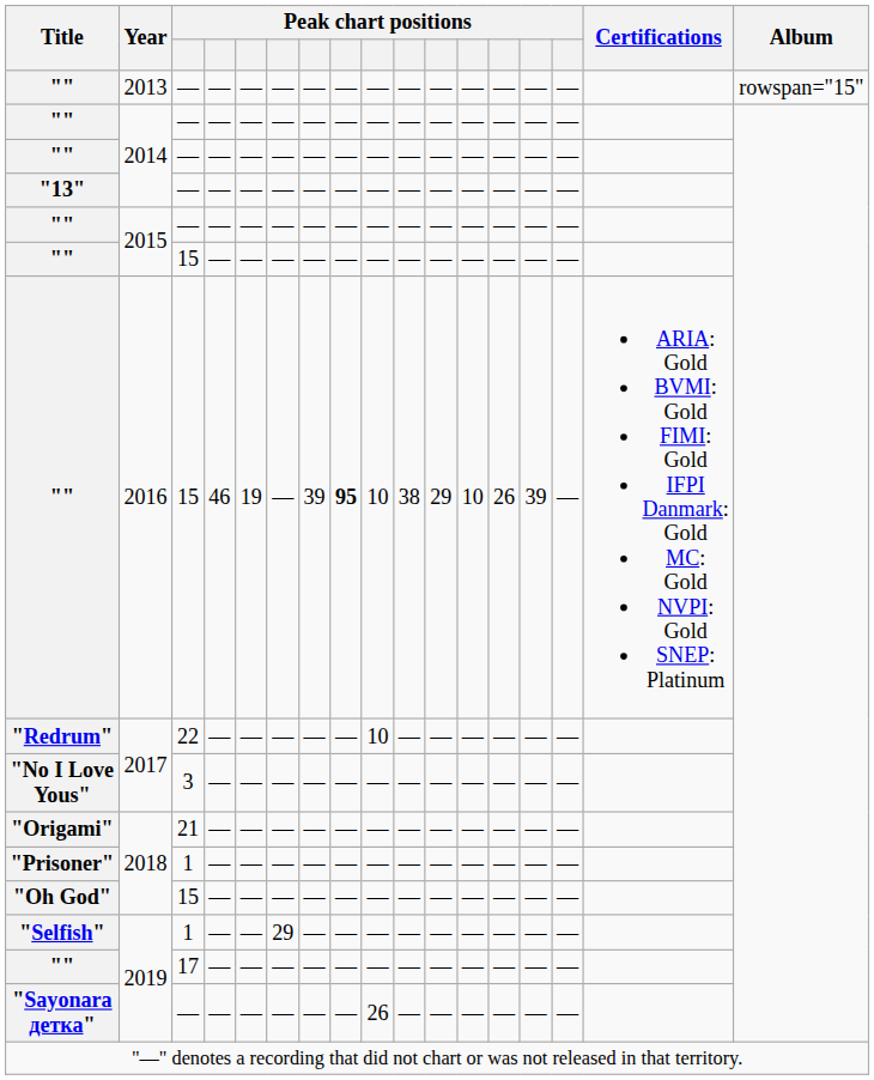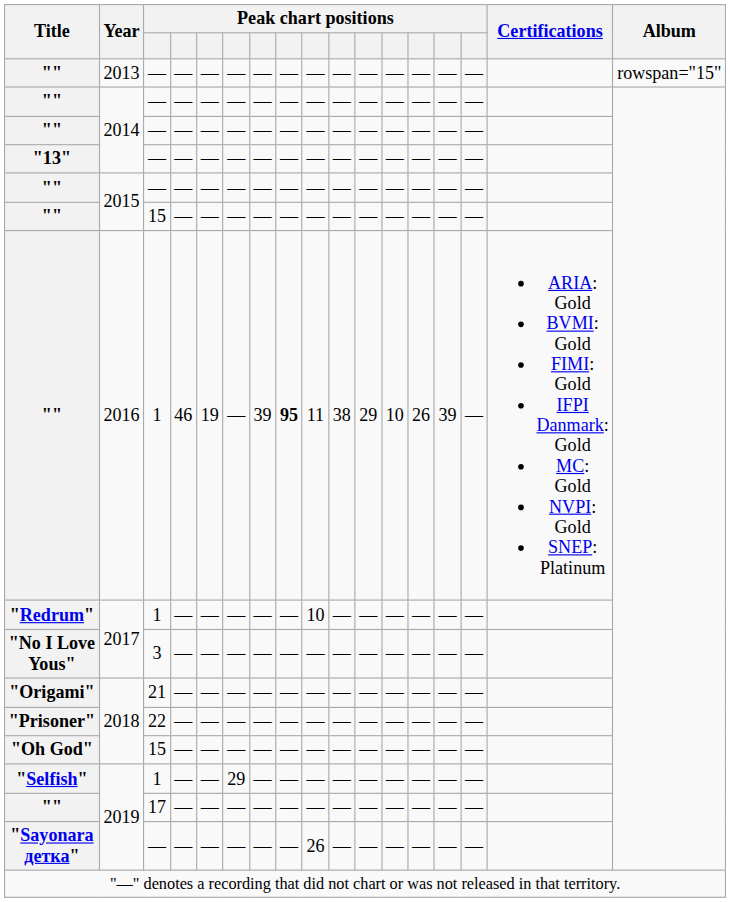 <table class="wikitable plainrowheaders" style="text-align:center;">
 <tr>
 <th scope="col" rowspan="2">Title</th>
 <th scope="col" rowspan="2">Year</th>
 <th scope="col" colspan="13">Peak chart positions</th>
 <th scope="col" rowspan="2"><a href='#'>Certifications</a></th>
 <th scope="col" rowspan="2">Album</th>
 </tr>
 <tr>
 <th style="width:3em; font-size:85%;"><a href='#'></a><br></th>
 <th scope="col" style="width:3em; font-size:85%;"><a href='#'></a><br></th>
 <th style="width:3em; font-size:85%;"><a href='#'></a><br></th>
 <th style="width:3em; font-size:85%;"><a href='#'></a><br></th>
 <th style="width:3em; font-size:85%;"><a href='#'></a><br></th>
 <th style="width:3em; font-size:85%;"><a href='#'></a><br></th>
 <th style="width:3em; font-size:85%;"><a href='#'></a><br></th>
 <th style="width:3em; font-size:85%;"><a href='#'></a><br></th>
 <th style="width:3em; font-size:85%;"><a href='#'></a><br></th>
 <th style="width:3em; font-size:85%;"><a href='#'></a><br></th>
 <th style="width:3em; font-size:85%;"><a href='#'></a><br></th>
 <th style="width:3em; font-size:85%;"><a href='#'></a><br></th>
 <th style="width:3em; font-size:85%;"><a href='#'></a><br></th>
 </tr>
 <tr>
 <th scope="row">""</th>
 <td>2013</td>
 <td>—</td>
 <td>—</td>
 <td>—</td>
 <td>—</td>
 <td>—</td>
 <td>—</td>
 <td>—</td>
 <td>—</td>
 <td>—</td>
 <td>—</td>
 <td>—</td>
 <td>—</td>
 <td>—</td>
 <td></td>
 <td>rowspan="15" </td>
 </tr>
 <tr>
 <th scope="row">""</th>
 <td rowspan="3">2014</td>
 <td>—</td>
 <td>—</td>
 <td>—</td>
 <td>—</td>
 <td>—</td>
 <td>—</td>
 <td>—</td>
 <td>—</td>
 <td>—</td>
 <td>—</td>
 <td>—</td>
 <td>—</td>
 <td>—</td>
 <td></td>
 </tr>
 <tr>
 <th scope="row">""<br></th>
 <td>—</td>
 <td>—</td>
 <td>—</td>
 <td>—</td>
 <td>—</td>
 <td>—</td>
 <td>—</td>
 <td>—</td>
 <td>—</td>
 <td>—</td>
 <td>—</td>
 <td>—</td>
 <td>—</td>
 <td></td>
 </tr>
 <tr>
 <th scope="row">"13"</th>
 <td>—</td>
 <td>—</td>
 <td>—</td>
 <td>—</td>
 <td>—</td>
 <td>—</td>
 <td>—</td>
 <td>—</td>
 <td>—</td>
 <td>—</td>
 <td>—</td>
 <td>—</td>
 <td>—</td>
 <td></td>
 </tr>
 <tr>
 <th scope="row">""</th>
 <td rowspan="2">2015</td>
 <td>—</td>
 <td>—</td>
 <td>—</td>
 <td>—</td>
 <td>—</td>
 <td>—</td>
 <td>—</td>
 <td>—</td>
 <td>—</td>
 <td>—</td>
 <td>—</td>
 <td>—</td>
 <td>—</td>
 <td></td>
 </tr>
 <tr>
 <th scope="row">""<br></th>
 <td>15</td>
 <td>—</td>
 <td>—</td>
 <td>—</td>
 <td>—</td>
 <td>—</td>
 <td>—</td>
 <td>—</td>
 <td>—</td>
 <td>—</td>
 <td>—</td>
 <td>—</td>
 <td>—</td>
 <td></td>
 </tr>
 <tr>
 <th scope="row">""</th>
 <td rowspan="1">2016</td>
-<td>15</td>
+<td>1</td>
 <td>46</td>
 <td>19</td>
 <td>—</td>
 <td>39</td>
 <td><strong>95</strong></td>
-<td>10</td>
+<td>11</td>
 <td>38</td>
 <td>29</td>
 <td>10</td>
 <td>26</td>
 <td>39</td>
 <td>—</td>
 <td><br><ul><li><a href='#'>ARIA</a>: Gold</li><li><a href='#'>BVMI</a>: Gold</li><li><a href='#'>FIMI</a>: Gold</li><li><a href='#'>IFPI Danmark</a>: Gold</li><li><a href='#'>MC</a>: Gold</li><li><a href='#'>NVPI</a>: Gold</li><li><a href='#'>SNEP</a>: Platinum</li></ul></td>
 </tr>
 <tr>
 <th scope="row">"<a href='#'>Redrum</a>"<br></th>
 <td rowspan="2">2017</td>
-<td>22</td>
+<td>1</td>
 <td>—</td>
 <td>—</td>
 <td>—</td>
 <td>—</td>
 <td>—</td>
 <td>10</td>
 <td>—</td>
 <td>—</td>
 <td>—</td>
 <td>—</td>
 <td>—</td>
 <td>—</td>
 <td></td>
 </tr>
 <tr>
 <th scope="row">"No I Love Yous"<br></th>
 <td>3</td>
 <td>—</td>
 <td>—</td>
 <td>—</td>
 <td>—</td>
 <td>—</td>
 <td>—</td>
 <td>—</td>
 <td>—</td>
 <td>—</td>
 <td>—</td>
 <td>—</td>
 <td>—</td>
 <td></td>
 </tr>
 <tr>
 <th scope="row">"Origami"<br></th>
 <td rowspan="3">2018</td>
 <td>21</td>
 <td>—</td>
 <td>—</td>
 <td>—</td>
 <td>—</td>
 <td>—</td>
 <td>—</td>
 <td>—</td>
 <td>—</td>
 <td>—</td>
 <td>—</td>
 <td>—</td>
 <td>—</td>
 <td></td>
 </tr>
 <tr>
 <th scope="row">"Prisoner"</th>
-<td>1</td>
+<td>22</td>
 <td>—</td>
 <td>—</td>
 <td>—</td>
 <td>—</td>
 <td>—</td>
 <td>—</td>
 <td>—</td>
 <td>—</td>
 <td>—</td>
 <td>—</td>
 <td>—</td>
 <td>—</td>
 <td></td>
 </tr>
 <tr>
 <th scope="row">"Oh God"<br></th>
 <td>15</td>
 <td>—</td>
 <td>—</td>
 <td>—</td>
 <td>—</td>
 <td>—</td>
 <td>—</td>
 <td>—</td>
 <td>—</td>
 <td>—</td>
 <td>—</td>
 <td>—</td>
 <td>—</td>
 <td></td>
 </tr>
 <tr>
 <th scope="row">"<a href='#'>Selfish</a>"<br></th>
 <td rowspan="3">2019</td>
 <td>1</td>
 <td>—</td>
 <td>—</td>
 <td>29</td>
 <td>—</td>
 <td>—</td>
 <td>—</td>
 <td>—</td>
 <td>—</td>
 <td>—</td>
 <td>—</td>
 <td>—</td>
 <td>—</td>
 <td></td>
 </tr>
 <tr>
 <th scope="row">""<br></th>
 <td>17</td>
 <td>—</td>
 <td>—</td>
 <td>—</td>
 <td>—</td>
 <td>—</td>
 <td>—</td>
 <td>—</td>
 <td>—</td>
 <td>—</td>
 <td>—</td>
 <td>—</td>
 <td>—</td>
 <td></td>
 </tr>
 <tr>
 <th scope="row">"<a href='#'>Sayonara детка</a>"<br></th>
 <td>—</td>
 <td>—</td>
 <td>—</td>
 <td>—</td>
 <td>—</td>
 <td>—</td>
 <td>26</td>
 <td>—</td>
 <td>—</td>
 <td>—</td>
 <td>—</td>
 <td>—</td>
 <td>—</td>
 <td></td>
 </tr>
 <tr>
 <td colspan="17" style="font-size:90%">"—" denotes a recording that did not chart or was not released in that territory.</td>
 </tr>
 </table>
